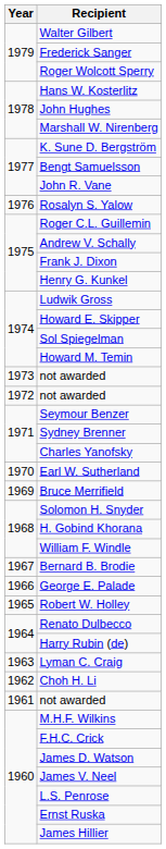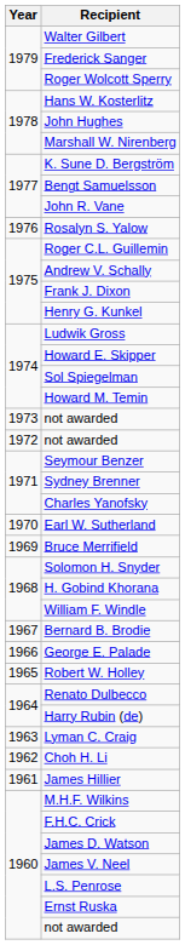 <table class="wikitable" style="display:inline-table;">
 <tr>
 <th>Year</th>
 <th>Recipient</th>
 </tr>
 <tr>
 <td Rowspan="3">1979</td>
 <td><a href='#'>Walter Gilbert</a></td>
 </tr>
 <tr>
 <td><a href='#'>Frederick Sanger</a></td>
 </tr>
 <tr>
 <td><a href='#'>Roger Wolcott Sperry</a></td>
 </tr>
 <tr>
 <td Rowspan="3">1978</td>
 <td><a href='#'>Hans W. Kosterlitz</a></td>
 </tr>
 <tr>
 <td><a href='#'>John Hughes</a></td>
 </tr>
 <tr>
 <td><a href='#'>Marshall W. Nirenberg</a></td>
 </tr>
 <tr>
 <td Rowspan="3">1977</td>
 <td><a href='#'>K. Sune D. Bergström</a></td>
 </tr>
 <tr>
 <td><a href='#'>Bengt Samuelsson</a></td>
 </tr>
 <tr>
 <td><a href='#'>John R. Vane</a></td>
 </tr>
 <tr>
 <td Rowspan="1">1976</td>
 <td><a href='#'>Rosalyn S. Yalow</a></td>
 </tr>
 <tr>
 <td Rowspan="4">1975</td>
 <td><a href='#'>Roger C.L. Guillemin</a></td>
 </tr>
 <tr>
 <td><a href='#'>Andrew V. Schally</a></td>
 </tr>
 <tr>
 <td><a href='#'>Frank J. Dixon</a></td>
 </tr>
 <tr>
 <td><a href='#'>Henry G. Kunkel</a></td>
 </tr>
 <tr>
 <td Rowspan="4">1974</td>
 <td><a href='#'>Ludwik Gross</a></td>
 </tr>
 <tr>
 <td><a href='#'>Howard E. Skipper</a></td>
 </tr>
 <tr>
 <td><a href='#'>Sol Spiegelman</a></td>
 </tr>
 <tr>
 <td><a href='#'>Howard M. Temin</a></td>
 </tr>
 <tr>
 <td Rowspan="1">1973</td>
 <td>not awarded  </td>
 </tr>
 <tr>
 <td Rowspan="1">1972</td>
 <td>not awarded  </td>
 </tr>
 <tr>
 <td Rowspan="3">1971</td>
 <td><a href='#'>Seymour Benzer</a></td>
 </tr>
 <tr>
 <td><a href='#'>Sydney Brenner</a></td>
 </tr>
 <tr>
 <td><a href='#'>Charles Yanofsky</a></td>
 </tr>
 <tr>
 <td Rowspan="1">1970</td>
 <td><a href='#'>Earl W. Sutherland</a></td>
 </tr>
 <tr>
 <td Rowspan="1">1969</td>
 <td><a href='#'>Bruce Merrifield</a></td>
 </tr>
 <tr>
 <td Rowspan="3">1968</td>
 <td><a href='#'>Solomon H. Snyder</a></td>
 </tr>
 <tr>
 <td><a href='#'>H. Gobind Khorana</a></td>
 </tr>
 <tr>
 <td><a href='#'>William F. Windle</a></td>
 </tr>
 <tr>
 <td Rowspan="1">1967</td>
 <td><a href='#'>Bernard B. Brodie</a></td>
 </tr>
 <tr>
 <td Rowspan="1">1966</td>
 <td><a href='#'>George E. Palade</a></td>
 </tr>
 <tr>
 <td Rowspan="1">1965</td>
 <td><a href='#'>Robert W. Holley</a></td>
 </tr>
 <tr>
 <td Rowspan="2">1964</td>
 <td><a href='#'>Renato Dulbecco</a></td>
 </tr>
 <tr>
 <td><a href='#'>Harry Rubin</a> (<a href='#'>de</a>)</td>
 </tr>
 <tr>
 <td Rowspan="1">1963</td>
 <td><a href='#'>Lyman C. Craig</a></td>
 </tr>
 <tr>
 <td Rowspan="1">1962</td>
 <td><a href='#'>Choh H. Li</a></td>
 </tr>
 <tr>
 <td Rowspan="1">1961</td>
-<td>not awarded  </td>
+<td><a href='#'>James Hillier</a></td>
 </tr>
 <tr>
 <td Rowspan="7">1960</td>
 <td><a href='#'>M.H.F. Wilkins</a></td>
 </tr>
 <tr>
 <td><a href='#'>F.H.C. Crick</a></td>
 </tr>
 <tr>
 <td><a href='#'>James D. Watson</a></td>
 </tr>
 <tr>
 <td><a href='#'>James V. Neel</a></td>
 </tr>
 <tr>
 <td><a href='#'>L.S. Penrose</a></td>
 </tr>
 <tr>
 <td><a href='#'>Ernst Ruska</a></td>
 </tr>
 <tr>
-<td><a href='#'>James Hillier</a></td>
+<td>not awarded  </td>
 </tr>
 </table>
